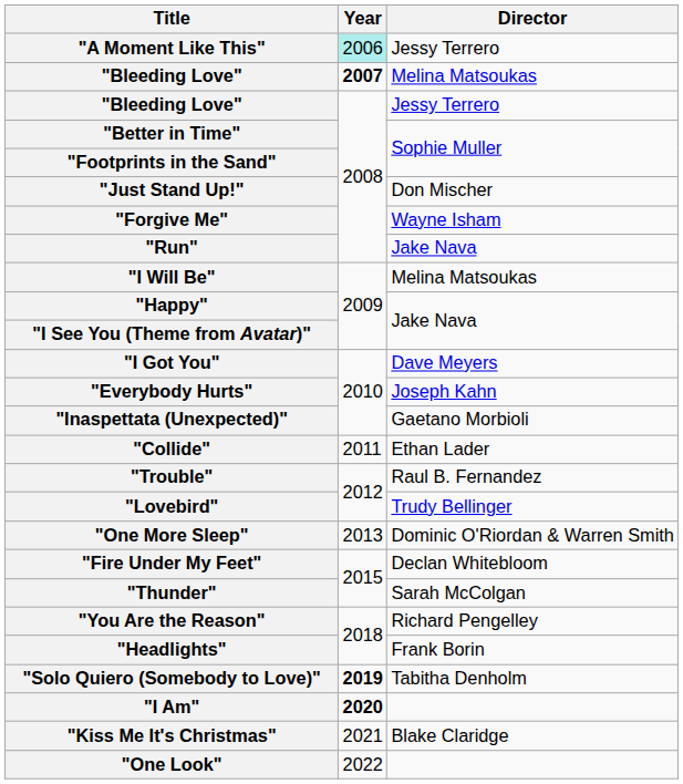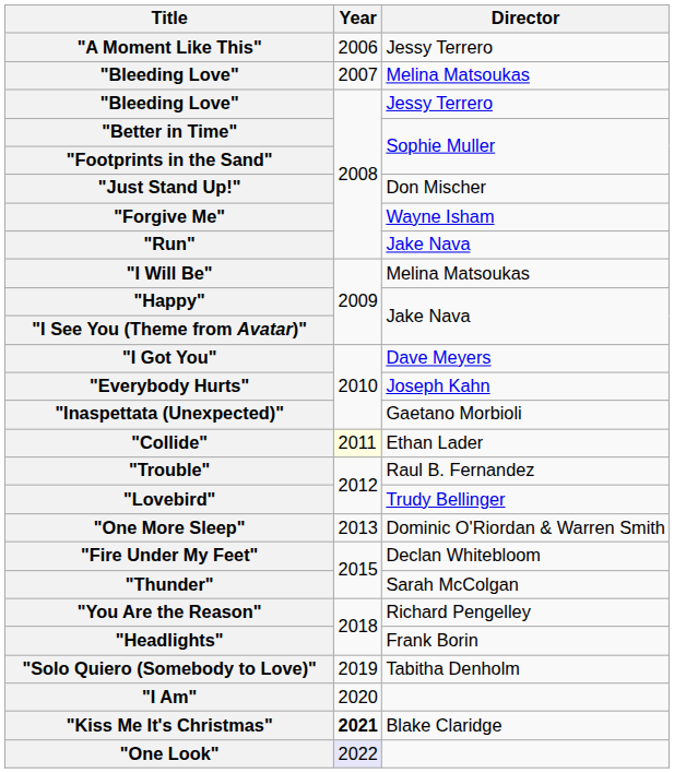 <table class="wikitable plainrowheaders">
 <tr>
 <th scope="col" style="width:18em;">Title</th>
 <th scope="col" style="width:1em;">Year</th>
 <th scope="col">Director</th>
 </tr>
 <tr>
 <th scope="row">"A Moment Like This"</th>
-<td style="background: paleturquoise;">2006</td>
+<td>2006</td>
 <td>Jessy Terrero</td>
 </tr>
 <tr>
 <th scope="row">"Bleeding Love"</th>
-<td><strong>2007</strong></td>
+<td>2007</td>
 <td><a href='#'>Melina Matsoukas</a></td>
 </tr>
 <tr>
 <th scope="row">"Bleeding Love" </th>
 <td rowspan="6">2008</td>
 <td><a href='#'>Jessy Terrero</a></td>
 </tr>
 <tr>
 <th scope="row">"Better in Time"</th>
 <td rowspan="2"><a href='#'>Sophie Muller</a></td>
 </tr>
 <tr>
 <th scope="row">"Footprints in the Sand"</th>
 </tr>
 <tr>
 <th scope="row">"Just Stand Up!"<br></th>
 <td>Don Mischer</td>
 </tr>
 <tr>
 <th scope="row">"Forgive Me"</th>
 <td><a href='#'>Wayne Isham</a></td>
 </tr>
 <tr>
 <th scope="row">"Run"</th>
 <td><a href='#'>Jake Nava</a></td>
 </tr>
 <tr>
 <th scope="row">"I Will Be"</th>
 <td rowspan="3">2009</td>
 <td>Melina Matsoukas</td>
 </tr>
 <tr>
 <th scope="row">"Happy"</th>
 <td rowspan="2">Jake Nava</td>
 </tr>
 <tr>
 <th scope="row">"I See You (Theme from <em>Avatar</em>)"</th>
 </tr>
 <tr>
 <th scope="row">"I Got You"</th>
 <td rowspan="3">2010</td>
 <td><a href='#'>Dave Meyers</a></td>
 </tr>
 <tr>
 <th scope="row">"Everybody Hurts"<br></th>
 <td><a href='#'>Joseph Kahn</a></td>
 </tr>
 <tr>
 <th scope="row">"Inaspettata (Unexpected)"<br></th>
 <td>Gaetano Morbioli</td>
 </tr>
 <tr>
 <th scope="row">"Collide"<br></th>
-<td>2011</td>
+<td style="background: lightyellow;">2011</td>
 <td>Ethan Lader</td>
 </tr>
 <tr>
 <th scope="row">"Trouble"</th>
 <td rowspan="2">2012</td>
 <td>Raul B. Fernandez</td>
 </tr>
 <tr>
 <th scope="row">"Lovebird"</th>
 <td><a href='#'>Trudy Bellinger</a></td>
 </tr>
 <tr>
 <th scope="row">"One More Sleep"</th>
 <td>2013</td>
 <td>Dominic O'Riordan & Warren Smith</td>
 </tr>
 <tr>
 <th scope="row">"Fire Under My Feet"</th>
 <td rowspan="2">2015</td>
 <td>Declan Whitebloom</td>
 </tr>
 <tr>
 <th scope="row">"Thunder"</th>
 <td>Sarah McColgan</td>
 </tr>
 <tr>
 <th scope="row">"You Are the Reason"<br></th>
 <td rowspan="2">2018</td>
 <td>Richard Pengelley</td>
 </tr>
 <tr>
 <th scope="row">"Headlights"<br></th>
 <td>Frank Borin</td>
 </tr>
 <tr>
 <th scope="row">"Solo Quiero (Somebody to Love)"<br></th>
-<td><strong>2019</strong></td>
+<td>2019</td>
 <td>Tabitha Denholm</td>
 </tr>
 <tr>
 <th scope="row">"I Am"</th>
-<td><strong>2020</strong></td>
+<td>2020</td>
 <td></td>
 </tr>
 <tr>
 <th scope="row">"Kiss Me It's Christmas"<br></th>
-<td>2021</td>
+<td><strong>2021</strong></td>
 <td>Blake Claridge</td>
 </tr>
 <tr>
 <th scope="row">"One Look"<br></th>
-<td>2022</td>
+<td style="background: lavender;">2022</td>
 <td></td>
 </tr>
 </table>
